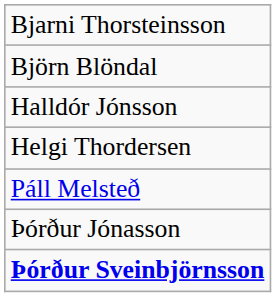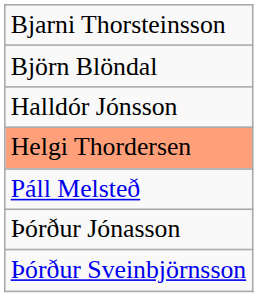 <table class=wikitable>
 <tr>
 <td>Bjarni Thorsteinsson</td>
 </tr>
 <tr>
 <td>Björn Blöndal</td>
 </tr>
 <tr>
 <td>Halldór Jónsson</td>
 </tr>
 <tr>
-<td>Helgi Thordersen</td>
+<td style="background: lightsalmon;">Helgi Thordersen</td>
 </tr>
 <tr>
 <td><a href='#'>Páll Melsteð</a></td>
 </tr>
 <tr>
 <td>Þórður Jónasson</td>
 </tr>
 <tr>
-<td><strong><a href='#'>Þórður Sveinbjörnsson</a></strong></td>
+<td><a href='#'>Þórður Sveinbjörnsson</a></td>
 </tr>
 </table>
